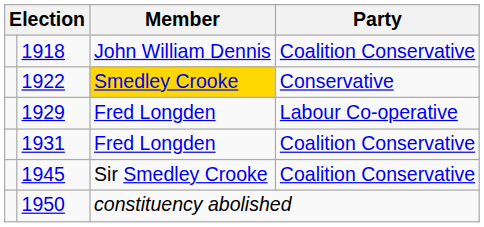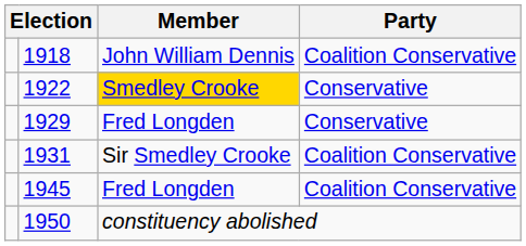 <table class="wikitable">
 <tr>
 <th colspan="2">Election</th>
 <th>Member  </th>
 <th>Party</th>
 </tr>
 <tr>
 <td style="color:inherit;background-color: "></td>
 <td><a href='#'>1918</a></td>
 <td><a href='#'>John William Dennis</a></td>
 <td><a href='#'>Coalition Conservative</a></td>
 </tr>
 <tr>
 <td style="color:inherit;background-color: "></td>
 <td><a href='#'>1922</a></td>
 <td style="background: gold;"><a href='#'>Smedley Crooke</a></td>
 <td><a href='#'>Conservative</a></td>
 </tr>
 <tr>
 <td style="color:inherit;background-color: "></td>
 <td><a href='#'>1929</a></td>
 <td><a href='#'>Fred Longden</a></td>
-<td><a href='#'>Labour Co-operative</a></td>
+<td><a href='#'>Conservative</a></td>
 </tr>
 <tr>
 <td style="color:inherit;background-color: "></td>
 <td><a href='#'>1931</a></td>
-<td><a href='#'>Fred Longden</a></td>
+<td>Sir <a href='#'>Smedley Crooke</a></td>
 <td><a href='#'>Coalition Conservative</a></td>
 </tr>
 <tr>
 <td style="color:inherit;background-color: "></td>
 <td><a href='#'>1945</a></td>
-<td>Sir <a href='#'>Smedley Crooke</a></td>
+<td><a href='#'>Fred Longden</a></td>
 <td><a href='#'>Coalition Conservative</a></td>
 </tr>
 <tr>
 <td></td>
 <td><a href='#'>1950</a></td>
 <td colspan="2"><em>constituency abolished</em></td>
 </tr>
 </table>
